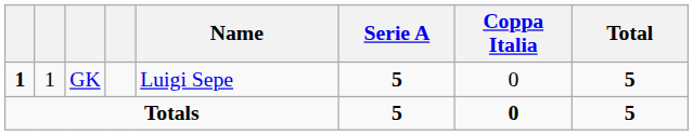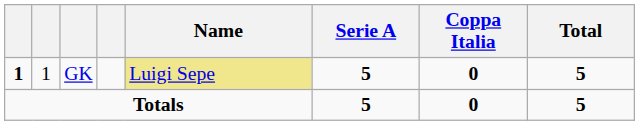 <table class="wikitable" style="text-align:center">
 <tr>
 <th width=15></th>
 <th width=15></th>
 <th width=15></th>
 <th width=15></th>
 <th width=145>Name</th>
 <th width=80><strong><a href='#'>Serie A</a></strong></th>
 <th width=80><strong><a href='#'>Coppa Italia</a></strong></th>
 <th width=80>Total</th>
 </tr>
 <tr>
 <td><strong>1</strong></td>
 <td>1</td>
 <td><a href='#'>GK</a></td>
 <td></td>
-<td align=left><a href='#'>Luigi Sepe</a></td>
+<td align=left style="background: khaki;"><a href='#'>Luigi Sepe</a></td>
 <td><strong>5</strong></td>
-<td>0</td>
+<td><strong>0</strong></td>
 <td><strong>5</strong></td>
 </tr>
 <tr>
 <td colspan=5><strong>Totals</strong></td>
 <td><strong>5</strong></td>
 <td><strong>0</strong></td>
 <td><strong>5</strong></td>
 </tr>
 </table>
